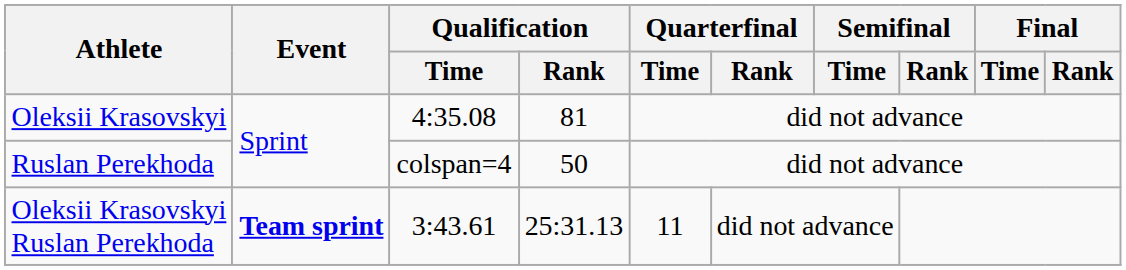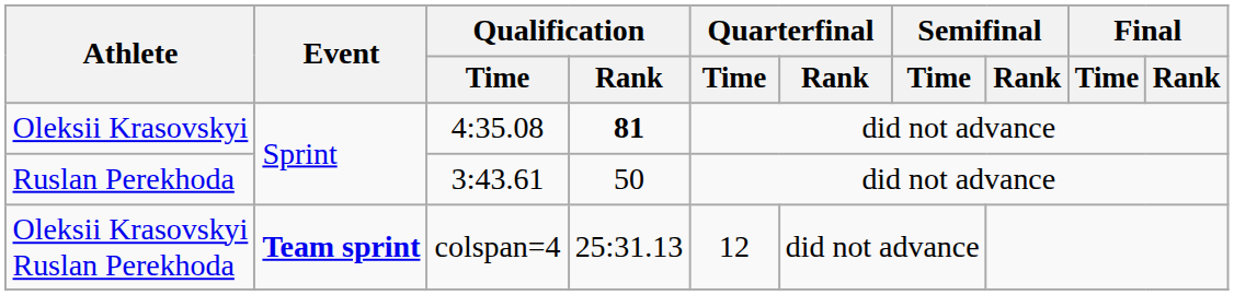 <table class="wikitable" style="font-size:90%">
 <tr>
 <th rowspan="2">Athlete</th>
 <th rowspan="2">Event</th>
 <th colspan="2">Qualification</th>
 <th colspan="2">Quarterfinal</th>
 <th colspan="2">Semifinal</th>
 <th colspan="2">Final</th>
 </tr>
 <tr style="font-size:95%">
 <th>Time</th>
 <th>Rank</th>
 <th>Time</th>
 <th>Rank</th>
 <th>Time</th>
 <th>Rank</th>
 <th>Time</th>
 <th>Rank</th>
 </tr>
 <tr align=center>
 <td align=left><a href='#'>Oleksii Krasovskyi</a></td>
 <td align=left rowspan=2><a href='#'>Sprint</a></td>
 <td>4:35.08</td>
-<td>81</td>
+<td><strong>81</strong></td>
 <td colspan=6>did not advance</td>
 </tr>
 <tr align=center>
 <td align=left><a href='#'>Ruslan Perekhoda</a></td>
-<td>colspan=4 </td>
+<td>3:43.61</td>
 <td>50</td>
 <td colspan=6>did not advance</td>
 </tr>
 <tr align=center>
 <td align=left><a href='#'>Oleksii Krasovskyi</a><br><a href='#'>Ruslan Perekhoda</a></td>
 <td align=left><strong><a href='#'>Team sprint</a></strong></td>
-<td>3:43.61</td>
+<td>colspan=4 </td>
 <td>25:31.13</td>
-<td>11</td>
+<td>12</td>
 <td colspan=2>did not advance</td>
 </tr>
 </table>
